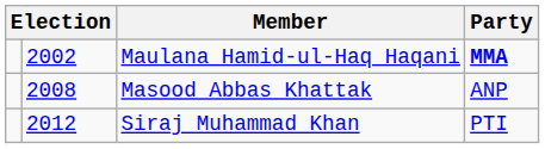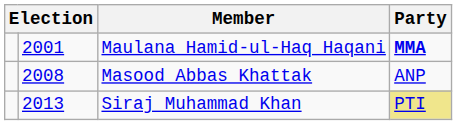 <table class="wikitable">
 <tr>
 <th colspan="2">Election</th>
 <th>Member</th>
 <th>Party</th>
 </tr>
 <tr>
 <td style="background-color: "></td>
-<td><a href='#'>2002</a></td>
+<td><a href='#'>2001</a></td>
 <td><a href='#'>Maulana Hamid-ul-Haq Haqani</a></td>
 <td><strong><a href='#'>MMA</a></strong></td>
 </tr>
 <tr>
 <td style="background-color: "></td>
 <td><a href='#'>2008</a></td>
 <td><a href='#'>Masood Abbas Khattak</a></td>
 <td><a href='#'>ANP</a></td>
 </tr>
 <tr>
 <td style="background-color: "></td>
-<td><a href='#'>2012</a></td>
+<td><a href='#'>2013</a></td>
 <td><a href='#'>Siraj Muhammad Khan</a></td>
-<td><a href='#'>PTI</a></td>
+<td style="background: khaki;"><a href='#'>PTI</a></td>
 </tr>
 </table>
